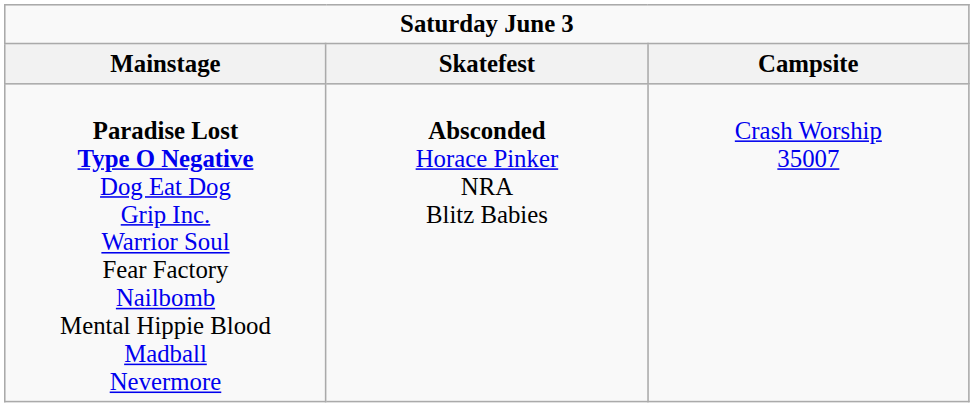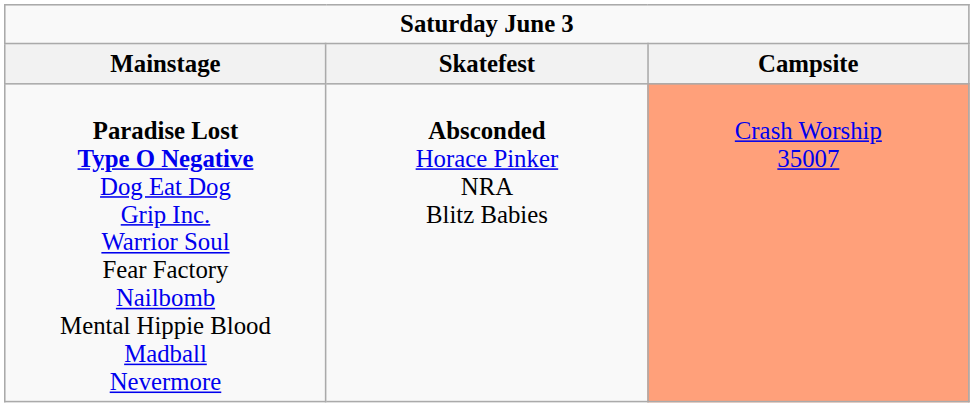 <table class="wikitable">
 <tr>
 <td colspan="3" align="center"><strong>Saturday June 3</strong></td>
 </tr>
 <tr>
 <th>Mainstage</th>
 <th>Skatefest</th>
 <th>Campsite</th>
 </tr>
 <tr>
 <td valign="top" align="center" width=200><br><strong>Paradise Lost</strong> <br><strong><a href='#'>Type O Negative</a></strong> <br><a href='#'>Dog Eat Dog</a> <br><a href='#'>Grip Inc.</a> <br><a href='#'>Warrior Soul</a> <br>Fear Factory <br><a href='#'>Nailbomb</a> <br>Mental Hippie Blood <br><a href='#'>Madball</a> <br><a href='#'>Nevermore</a></td>
 <td valign="top" align="center" width=200><br><strong>Absconded</strong> <br><a href='#'>Horace Pinker</a> <br>NRA <br>Blitz Babies</td>
-<td valign="top" align="center" width=200><br><a href='#'>Crash Worship</a> <br><a href='#'>35007</a></td>
+<td valign="top" align="center" width=200 style="background: lightsalmon;"><br><a href='#'>Crash Worship</a> <br><a href='#'>35007</a></td>
 </tr>
 </table>
